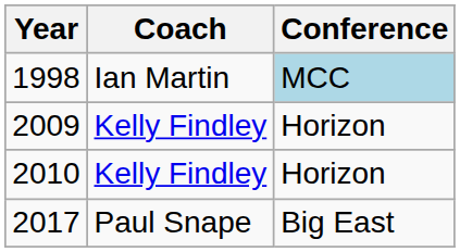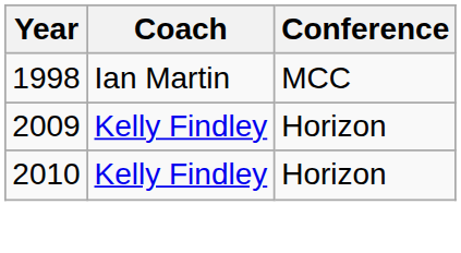 <table class= wikitable>
 <tr>
 <th width=px>Year</th>
 <th width=px>Coach</th>
 <th width=px>Conference</th>
 </tr>
 <tr>
 <td>1998</td>
 <td>Ian Martin</td>
-<td style="background: lightblue;">MCC</td>
+<td>MCC</td>
 </tr>
 <tr>
 <td>2009</td>
 <td><a href='#'>Kelly Findley</a></td>
 <td>Horizon</td>
 </tr>
 <tr>
 <td>2010</td>
 <td><a href='#'>Kelly Findley</a></td>
 <td>Horizon</td>
 </tr>
-<tr>
-<td>2017</td>
-<td>Paul Snape</td>
-<td>Big East</td>
-</tr>
 </table>
